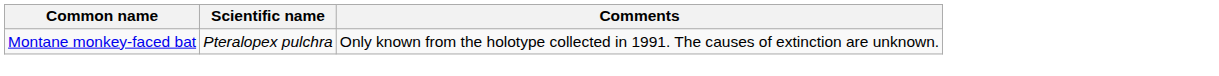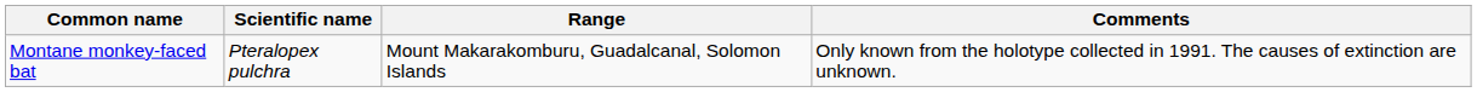 <table class="wikitable">
 <tr>
 <th>Common name</th>
 <th>Scientific name</th>
+<th>Range</th>
 <th class="unsortable">Comments</th>
 </tr>
 <tr>
 <td><a href='#'>Montane monkey-faced bat</a></td>
 <td><em>Pteralopex pulchra</em></td>
+<td>Mount Makarakomburu, Guadalcanal, Solomon Islands</td>
 <td>Only known from the holotype collected in 1991. The causes of extinction are unknown.</td>
 </tr>
 </table>
